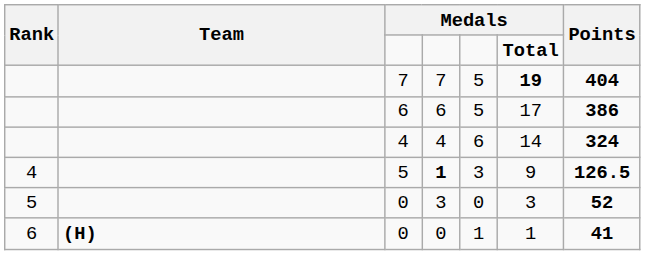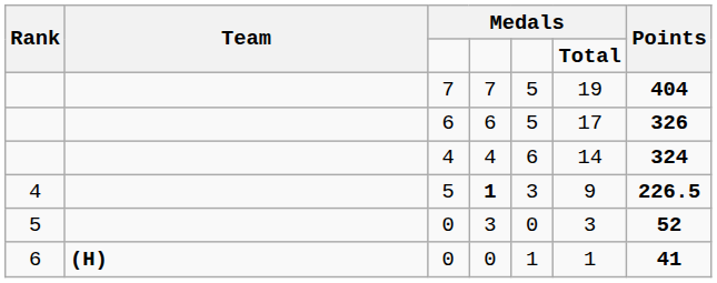 <table class="wikitable">
 <tr>
 <th rowspan=2>Rank</th>
 <th style="width:220px;" rowspan="2">Team</th>
 <th colspan=4>Medals</th>
 <th rowspan=2>Points</th>
 </tr>
 <tr style="text-align:center;">
 <td style="width:20px; "></td>
 <td style="width:20px; "></td>
 <td style="width:20px; "></td>
 <td style="width:40px; "><strong>Total</strong></td>
 </tr>
 <tr>
 <td align=center></td>
 <td></td>
 <td align=center>7</td>
 <td align=center>7</td>
 <td align=center>5</td>
-<td align=center><strong>19</strong></td>
+<td align=center>19</td>
 <td align=center><strong>404</strong></td>
 </tr>
 <tr>
 <td align=center></td>
 <td></td>
 <td align=center>6</td>
 <td align=center>6</td>
 <td align=center>5</td>
 <td align=center>17</td>
-<td align=center><strong>386</strong></td>
+<td align=center><strong>326</strong></td>
 </tr>
 <tr>
 <td align=center></td>
 <td></td>
 <td align=center>4</td>
 <td align=center>4</td>
 <td align=center>6</td>
 <td align=center>14</td>
 <td align=center><strong>324</strong></td>
 </tr>
 <tr>
 <td align=center>4</td>
 <td></td>
 <td align=center>5</td>
 <td align=center><strong>1</strong></td>
 <td align=center>3</td>
 <td align=center>9</td>
-<td align=center><strong>126.5</strong></td>
+<td align=center><strong>226.5</strong></td>
 </tr>
 <tr>
 <td align=center>5</td>
 <td></td>
 <td align=center>0</td>
 <td align=center>3</td>
 <td align=center>0</td>
 <td align=center>3</td>
 <td align=center><strong>52</strong></td>
 </tr>
 <tr>
 <td align=center>6</td>
 <td> <strong>(H)</strong></td>
 <td align=center>0</td>
 <td align=center>0</td>
 <td align=center>1</td>
 <td align=center>1</td>
 <td align=center><strong>41</strong></td>
 </tr>
 </table>
